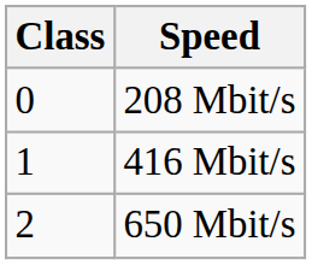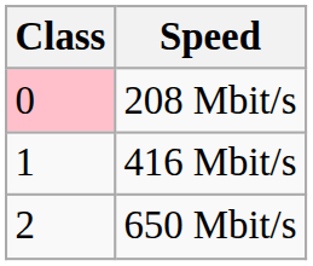 <table class="wikitable">
 <tr>
 <th>Class</th>
 <th>Speed</th>
 </tr>
 <tr>
-<td>0</td>
+<td style="background: pink;">0</td>
 <td>208 Mbit/s</td>
 </tr>
 <tr>
 <td>1</td>
 <td>416 Mbit/s</td>
 </tr>
 <tr>
 <td>2</td>
 <td>650 Mbit/s</td>
 </tr>
 </table>
